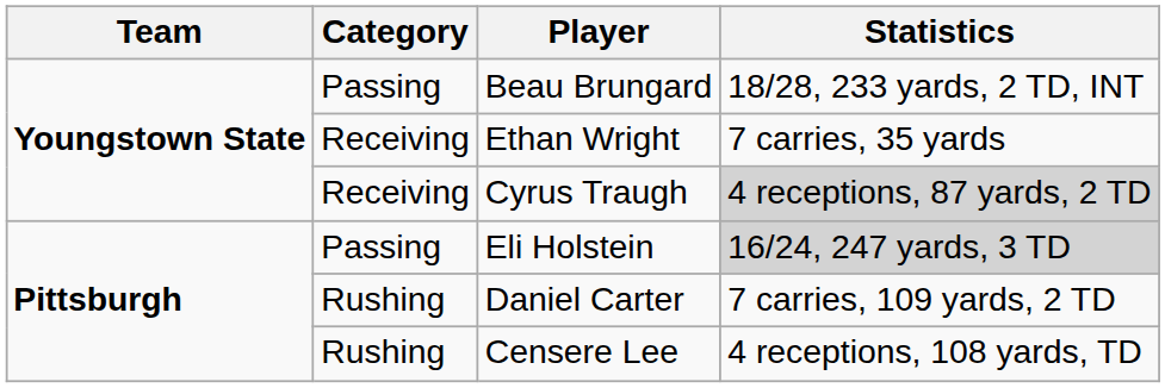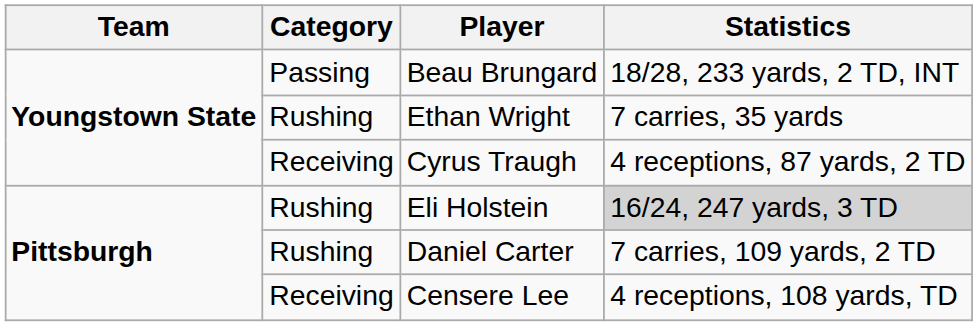 <table class="wikitable" style="float: right;">
 <tr>
 <th>Team</th>
 <th>Category</th>
 <th>Player</th>
 <th>Statistics</th>
 </tr>
 <tr>
 <td rowspan=3><strong>Youngstown State</strong></td>
 <td>Passing</td>
 <td>Beau Brungard</td>
 <td>18/28, 233 yards, 2 TD, INT</td>
 </tr>
 <tr>
-<td>Receiving</td>
+<td>Rushing</td>
 <td>Ethan Wright</td>
 <td>7 carries, 35 yards</td>
 </tr>
 <tr>
 <td>Receiving</td>
 <td>Cyrus Traugh</td>
-<td style="background: lightgrey;">4 receptions, 87 yards, 2 TD</td>
+<td>4 receptions, 87 yards, 2 TD</td>
 </tr>
 <tr>
 <td rowspan=3><strong>Pittsburgh</strong></td>
-<td>Passing</td>
+<td>Rushing</td>
 <td>Eli Holstein</td>
 <td style="background: lightgrey;">16/24, 247 yards, 3 TD</td>
 </tr>
 <tr>
 <td>Rushing</td>
 <td>Daniel Carter</td>
 <td>7 carries, 109 yards, 2 TD</td>
 </tr>
 <tr>
-<td>Rushing</td>
+<td>Receiving</td>
 <td>Censere Lee</td>
 <td>4 receptions, 108 yards, TD</td>
 </tr>
 </table>
